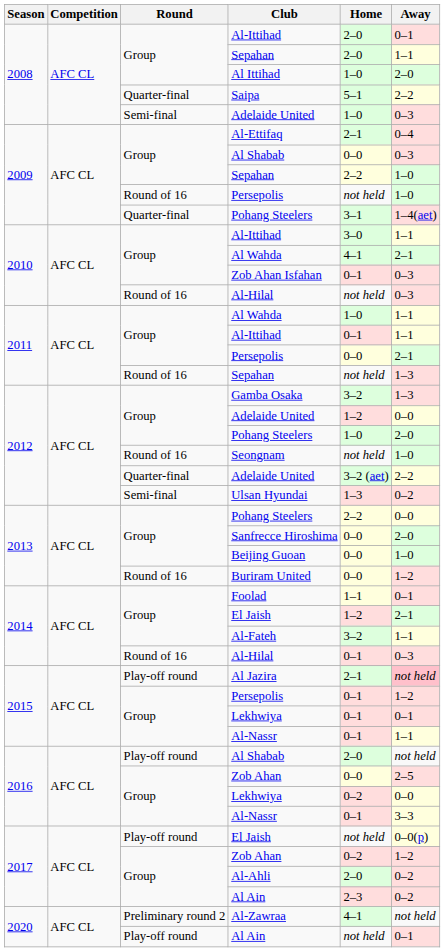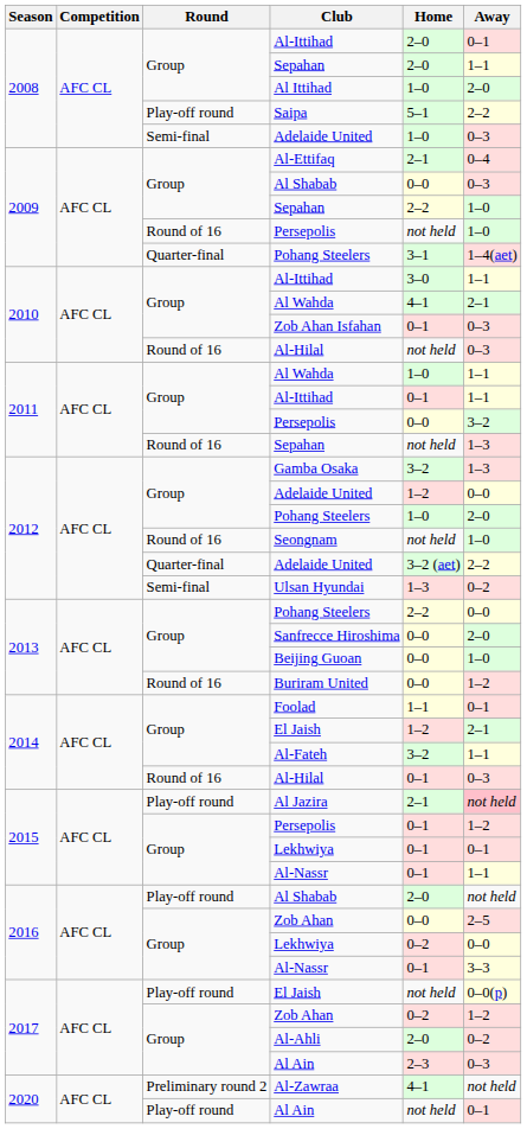 <table class="wikitable">
 <tr>
 <th>Season</th>
 <th>Competition</th>
 <th>Round</th>
 <th>Club</th>
 <th>Home</th>
 <th>Away</th>
 </tr>
 <tr>
 <td rowspan="5"><a href='#'>2008</a></td>
 <td rowspan="5"><a href='#'>AFC CL</a></td>
 <td rowspan="3">Group</td>
 <td> <a href='#'>Al-Ittihad</a></td>
 <td style="background:#dfd;">2–0</td>
 <td style="background:#fdd;">0–1</td>
 </tr>
 <tr>
 <td> <a href='#'>Sepahan</a></td>
 <td style="background:#dfd;">2–0</td>
 <td style="background:#ffd;">1–1</td>
 </tr>
 <tr>
 <td> <a href='#'>Al Ittihad</a></td>
 <td style="background:#dfd;">1–0</td>
 <td style="background:#dfd;">2–0</td>
 </tr>
 <tr>
-<td>Quarter-final</td>
+<td>Play-off round</td>
 <td> <a href='#'>Saipa</a></td>
 <td style="background:#dfd;">5–1</td>
 <td style="background:#ffd;">2–2</td>
 </tr>
 <tr>
 <td>Semi-final</td>
 <td> <a href='#'>Adelaide United</a></td>
 <td style="background:#dfd;">1–0</td>
 <td style="background:#fdd;">0–3</td>
 </tr>
 <tr>
 <td rowspan="5"><a href='#'>2009</a></td>
 <td rowspan="5">AFC CL</td>
 <td rowspan="3">Group</td>
 <td> <a href='#'>Al-Ettifaq</a></td>
 <td style="background:#dfd;">2–1</td>
 <td style="background:#fdd;">0–4</td>
 </tr>
 <tr>
 <td> <a href='#'>Al Shabab</a></td>
 <td style="background:#ffd;">0–0</td>
 <td style="background:#fdd;">0–3</td>
 </tr>
 <tr>
 <td> <a href='#'>Sepahan</a></td>
 <td style="background:#ffd;">2–2</td>
 <td style="background:#dfd;">1–0</td>
 </tr>
 <tr>
 <td>Round of 16</td>
 <td> <a href='#'>Persepolis</a></td>
 <td><em>not held</em></td>
 <td style="background:#dfd;">1–0</td>
 </tr>
 <tr>
 <td>Quarter-final</td>
 <td> <a href='#'>Pohang Steelers</a></td>
 <td style="background:#dfd;">3–1</td>
 <td style="background:#fdd;">1–4(<a href='#'>aet</a>)</td>
 </tr>
 <tr>
 <td rowspan="4"><a href='#'>2010</a></td>
 <td rowspan="4">AFC CL</td>
 <td rowspan="3">Group</td>
 <td> <a href='#'>Al-Ittihad</a></td>
 <td style="background:#dfd;">3–0</td>
 <td style="background:#ffd;">1–1</td>
 </tr>
 <tr>
 <td> <a href='#'>Al Wahda</a></td>
 <td style="background:#dfd;">4–1</td>
 <td style="background:#dfd;">2–1</td>
 </tr>
 <tr>
 <td> <a href='#'>Zob Ahan Isfahan</a></td>
 <td style="background:#fdd;">0–1</td>
 <td style="background:#fdd;">0–3</td>
 </tr>
 <tr>
 <td>Round of 16</td>
 <td> <a href='#'>Al-Hilal</a></td>
 <td><em>not held</em></td>
 <td style="background:#fdd;">0–3</td>
 </tr>
 <tr>
 <td rowspan="4"><a href='#'>2011</a></td>
 <td rowspan="4">AFC CL</td>
 <td rowspan="3">Group</td>
 <td> <a href='#'>Al Wahda</a></td>
 <td style="background:#dfd;">1–0</td>
 <td style="background:#ffd;">1–1</td>
 </tr>
 <tr>
 <td> <a href='#'>Al-Ittihad</a></td>
 <td style="background:#fdd;">0–1</td>
 <td style="background:#ffd;">1–1</td>
 </tr>
 <tr>
 <td> <a href='#'>Persepolis</a></td>
 <td style="background:#ffd;">0–0</td>
-<td style="background:#dfd;">2–1</td>
+<td style="background:#dfd;">3–2</td>
 </tr>
 <tr>
 <td>Round of 16</td>
 <td> <a href='#'>Sepahan</a></td>
 <td><em>not held</em></td>
 <td style="background:#fdd;">1–3</td>
 </tr>
 <tr>
 <td rowspan="6"><a href='#'>2012</a></td>
 <td rowspan="6">AFC CL</td>
 <td rowspan="3">Group</td>
 <td> <a href='#'>Gamba Osaka</a></td>
 <td style="background:#dfd;">3–2</td>
 <td style="background:#fdd;">1–3</td>
 </tr>
 <tr>
 <td> <a href='#'>Adelaide United</a></td>
 <td style="background:#fdd;">1–2</td>
 <td style="background:#ffd;">0–0</td>
 </tr>
 <tr>
 <td> <a href='#'>Pohang Steelers</a></td>
 <td style="background:#dfd;">1–0</td>
 <td style="background:#dfd;">2–0</td>
 </tr>
 <tr>
 <td>Round of 16</td>
 <td> <a href='#'>Seongnam</a></td>
 <td><em>not held</em></td>
 <td style="background:#dfd;">1–0</td>
 </tr>
 <tr>
 <td>Quarter-final</td>
 <td> <a href='#'>Adelaide United</a></td>
 <td style="background:#dfd;">3–2 (<a href='#'>aet</a>)</td>
 <td style="background:#ffd;">2–2</td>
 </tr>
 <tr>
 <td>Semi-final</td>
 <td> <a href='#'>Ulsan Hyundai</a></td>
 <td style="background:#fdd;">1–3</td>
 <td style="background:#fdd;">0–2</td>
 </tr>
 <tr>
 <td rowspan="4"><a href='#'>2013</a></td>
 <td rowspan="4">AFC CL</td>
 <td rowspan="3">Group</td>
 <td> <a href='#'>Pohang Steelers</a></td>
 <td style="background:#ffd;">2–2</td>
 <td style="background:#ffd;">0–0</td>
 </tr>
 <tr>
 <td> <a href='#'>Sanfrecce Hiroshima</a></td>
 <td style="background:#ffd;">0–0</td>
 <td style="background:#dfd;">2–0</td>
 </tr>
 <tr>
 <td> <a href='#'>Beijing Guoan</a></td>
 <td style="background:#ffd;">0–0</td>
 <td style="background:#dfd;">1–0</td>
 </tr>
 <tr>
 <td>Round of 16</td>
 <td> <a href='#'>Buriram United</a></td>
 <td style="background:#ffd;">0–0</td>
 <td style="background:#fdd;">1–2</td>
 </tr>
 <tr>
 <td rowspan="4"><a href='#'>2014</a></td>
 <td rowspan="4">AFC CL</td>
 <td rowspan="3">Group</td>
 <td> <a href='#'>Foolad</a></td>
 <td style="background:#ffd;">1–1</td>
 <td style="background:#fdd;">0–1</td>
 </tr>
 <tr>
 <td> <a href='#'>El Jaish</a></td>
 <td style="background:#fdd;">1–2</td>
 <td style="background:#dfd;">2–1</td>
 </tr>
 <tr>
 <td> <a href='#'>Al-Fateh</a></td>
 <td style="background:#dfd;">3–2</td>
 <td style="background:#ffd;">1–1</td>
 </tr>
 <tr>
 <td>Round of 16</td>
 <td> <a href='#'>Al-Hilal</a></td>
 <td style="background:#fdd;">0–1</td>
 <td style="background:#fdd;">0–3</td>
 </tr>
 <tr>
 <td rowspan="4"><a href='#'>2015</a></td>
 <td rowspan="4">AFC CL</td>
 <td>Play-off round</td>
 <td> <a href='#'>Al Jazira</a></td>
 <td style="background:#dfd;">2–1</td>
 <td style="background: pink;"><em>not held</em></td>
 </tr>
 <tr>
 <td rowspan="3">Group</td>
 <td> <a href='#'>Persepolis</a></td>
 <td style="background:#fdd;">0–1</td>
 <td style="background:#fdd;">1–2</td>
 </tr>
 <tr>
 <td> <a href='#'>Lekhwiya</a></td>
 <td style="background:#fdd;">0–1</td>
 <td style="background:#fdd;">0–1</td>
 </tr>
 <tr>
 <td> <a href='#'>Al-Nassr</a></td>
 <td style="background:#fdd;">0–1</td>
 <td style="background:#ffd;">1–1</td>
 </tr>
 <tr>
 <td rowspan="4"><a href='#'>2016</a></td>
 <td rowspan="4">AFC CL</td>
 <td>Play-off round</td>
 <td> <a href='#'>Al Shabab</a></td>
 <td style="background:#dfd;">2–0</td>
 <td><em>not held</em></td>
 </tr>
 <tr>
 <td rowspan="3">Group</td>
 <td> <a href='#'>Zob Ahan</a></td>
 <td style="background:#ffd;">0–0</td>
 <td style="background:#fdd;">2–5</td>
 </tr>
 <tr>
 <td> <a href='#'>Lekhwiya</a></td>
 <td style="background:#fdd;">0–2</td>
 <td style="background:#ffd;">0–0</td>
 </tr>
 <tr>
 <td> <a href='#'>Al-Nassr</a></td>
 <td style="background:#fdd;">0–1</td>
 <td style="background:#ffd;">3–3</td>
 </tr>
 <tr>
 <td rowspan="4"><a href='#'>2017</a></td>
 <td rowspan="4">AFC CL</td>
 <td>Play-off round</td>
 <td> <a href='#'>El Jaish</a></td>
 <td><em>not held</em></td>
 <td style="background:#ffd;">0–0(<a href='#'>p</a>)</td>
 </tr>
 <tr>
 <td rowspan="3">Group</td>
 <td> <a href='#'>Zob Ahan</a></td>
 <td style="background:#fdd;">0–2</td>
 <td style="background:#fdd;">1–2</td>
 </tr>
 <tr>
 <td> <a href='#'>Al-Ahli</a></td>
 <td style="background:#dfd;">2–0</td>
 <td style="background:#fdd;">0–2</td>
 </tr>
 <tr>
 <td> <a href='#'>Al Ain</a></td>
 <td style="background:#fdd;">2–3</td>
-<td style="background:#fdd;">0–2</td>
+<td style="background:#fdd;">0–3</td>
 </tr>
 <tr>
 <td rowspan="2"><a href='#'>2020</a></td>
 <td rowspan="2">AFC CL</td>
 <td>Preliminary round 2</td>
 <td> <a href='#'>Al-Zawraa</a></td>
 <td style="background:#dfd;">4–1</td>
 <td><em>not held</em></td>
 </tr>
 <tr>
 <td>Play-off round</td>
 <td> <a href='#'>Al Ain</a></td>
 <td><em>not held</em></td>
 <td style="background:#fdd;">0–1</td>
 </tr>
 </table>
